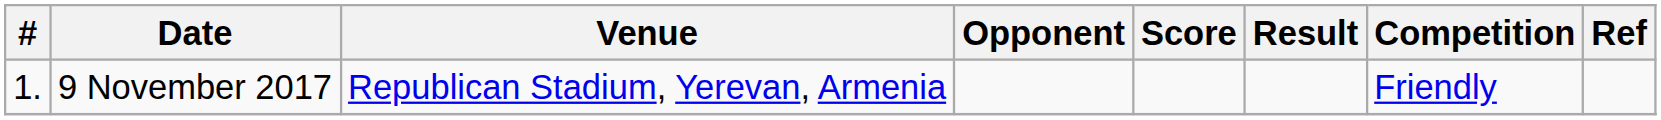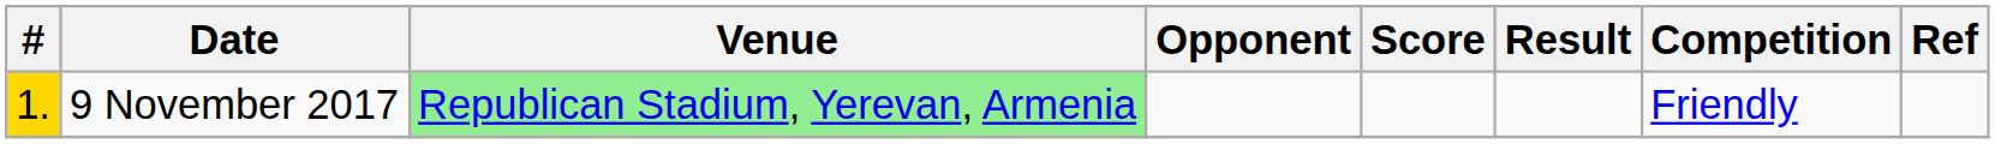 <table class="wikitable" style="font-size:95%;">
 <tr>
 <th>#</th>
 <th>Date</th>
 <th>Venue</th>
 <th>Opponent</th>
 <th>Score</th>
 <th>Result</th>
 <th>Competition</th>
 <th>Ref</th>
 </tr>
 <tr>
-<td>1.</td>
+<td style="background: gold;">1.</td>
 <td>9 November 2017</td>
-<td><a href='#'>Republican Stadium</a>, <a href='#'>Yerevan</a>, <a href='#'>Armenia</a></td>
+<td style="background: lightgreen;"><a href='#'>Republican Stadium</a>, <a href='#'>Yerevan</a>, <a href='#'>Armenia</a></td>
 <td></td>
 <td></td>
 <td></td>
 <td><a href='#'>Friendly</a></td>
 <td></td>
 </tr>
 <tr>
 </tr>
 </table>
